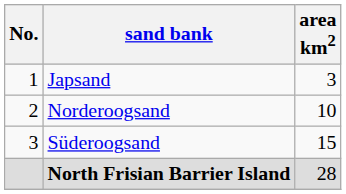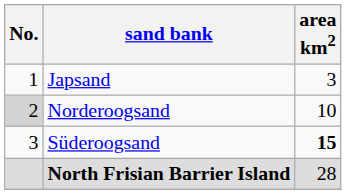 <table class="wikitable">
 <tr style="background: #CCC;">
 <th align ="right">No.</th>
 <th align ="left"><a href='#'>sand bank</a></th>
 <th align="right">area<br>km<sup>2</sup></th>
 </tr>
 <tr>
 <td align="right">1</td>
 <td><a href='#'>Japsand</a></td>
 <td align="right">3</td>
 </tr>
 <tr>
-<td align="right">2</td>
+<td align="right" style="background: lightgrey;">2</td>
 <td><a href='#'>Norderoogsand</a></td>
 <td align="right">10</td>
 </tr>
 <tr>
 <td align="right">3</td>
 <td><a href='#'>Süderoogsand</a></td>
-<td align="right">15</td>
+<td align="right"><strong>15</strong></td>
 </tr>
 <tr style="background: #DDD;">
 <td align="right"> </td>
 <td><strong>North Frisian Barrier Island</strong></td>
 <td align="right">28</td>
 </tr>
 <tr>
 </tr>
 </table>
